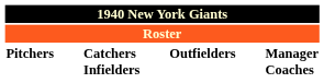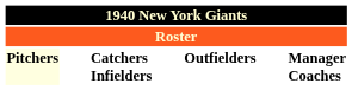 <table class="toccolours" style="font-size: 95%;">
 <tr>
 <th colspan="10" style="background-color: black; color: #FFFDD0; text-align: center;">1940 New York Giants</th>
 </tr>
 <tr>
 <td colspan="10" style="background-color: #fd5a1e; color: #FFFDD0; text-align: center;"><strong>Roster</strong></td>
 </tr>
 <tr>
-<td valign="top"><strong>Pitchers</strong><br>           </td>
+<td valign="top" style="background: lightyellow;"><strong>Pitchers</strong><br>           </td>
 <td width="25px"></td>
 <td valign="top"><strong>Catchers</strong><br>  <strong>Infielders</strong>        </td>
 <td width="25px"></td>
 <td valign="top"><strong>Outfielders</strong><br>      </td>
 <td width="25px"></td>
 <td valign="top"><strong>Manager</strong><br> <strong>Coaches</strong>  </td>
 </tr>
 </table>
